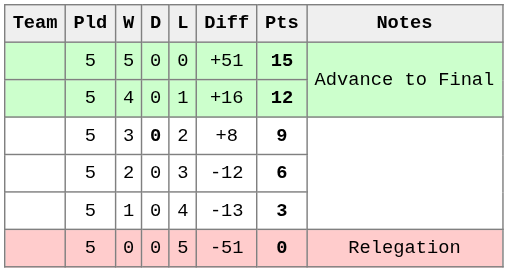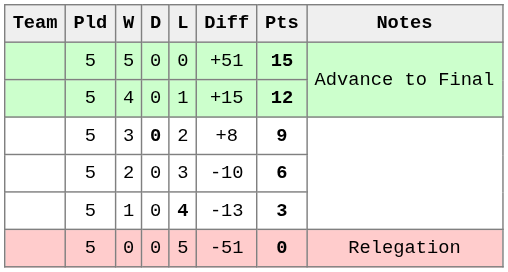 <table style=border-collapse:collapse border=1 cellspacing=0 cellpadding=5>
 <tr align=center bgcolor=#efefef>
 <th>Team</th>
 <th>Pld</th>
 <th>W</th>
 <th>D</th>
 <th>L</th>
 <th>Diff</th>
 <th>Pts</th>
 <th>Notes</th>
 </tr>
 <tr align=center style="background:#ccffcc">
 <td style="text-align:left;"> </td>
 <td>5</td>
 <td>5</td>
 <td>0</td>
 <td>0</td>
 <td>+51</td>
 <td><strong>15</strong></td>
 <td rowspan="2">Advance to Final</td>
 </tr>
 <tr align=center style="background:#ccffcc;">
 <td style="text-align:left;"> </td>
 <td>5</td>
 <td>4</td>
 <td>0</td>
 <td>1</td>
-<td>+16</td>
+<td>+15</td>
 <td><strong>12</strong></td>
 </tr>
 <tr align=center style="background:#FFFFFF;">
 <td style="text-align:left;"> </td>
 <td>5</td>
 <td>3</td>
 <td><strong>0</strong></td>
 <td>2</td>
 <td>+8</td>
 <td><strong>9</strong></td>
 <td rowspan="3"></td>
 </tr>
 <tr align=center style="background:#FFFFFF;">
 <td style="text-align:left;"> </td>
 <td>5</td>
 <td>2</td>
 <td>0</td>
 <td>3</td>
-<td>-12</td>
+<td>-10</td>
 <td><strong>6</strong></td>
 </tr>
 <tr align=center style="background:#FFFFFF;">
 <td style="text-align:left;">  </td>
 <td>5</td>
 <td>1</td>
 <td>0</td>
-<td>4</td>
+<td><strong>4</strong></td>
 <td>-13</td>
 <td><strong>3</strong></td>
 </tr>
 <tr align=center style="background:#FFCCCC;">
 <td style="text-align:left;"> </td>
 <td>5</td>
 <td>0</td>
 <td>0</td>
 <td>5</td>
 <td>-51</td>
 <td><strong>0</strong></td>
 <td>Relegation</td>
 </tr>
 </table>
